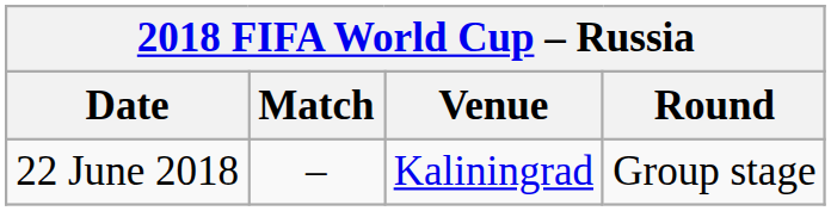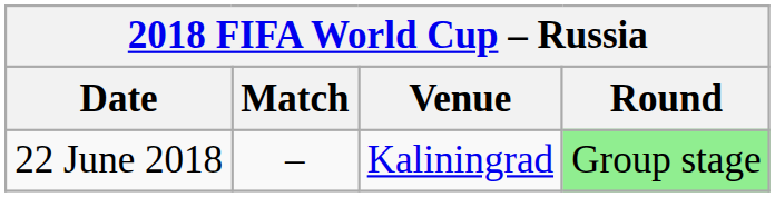 <table class="wikitable" style="text-align:center">
 <tr>
 <th colspan="4"><a href='#'>2018 FIFA World Cup</a> – Russia</th>
 </tr>
 <tr>
 <th>Date</th>
 <th>Match</th>
 <th>Venue</th>
 <th>Round</th>
 </tr>
 <tr>
 <td>22 June 2018</td>
 <td> – </td>
 <td><a href='#'>Kaliningrad</a></td>
-<td>Group stage</td>
+<td style="background: lightgreen;">Group stage</td>
 </tr>
 </table>
